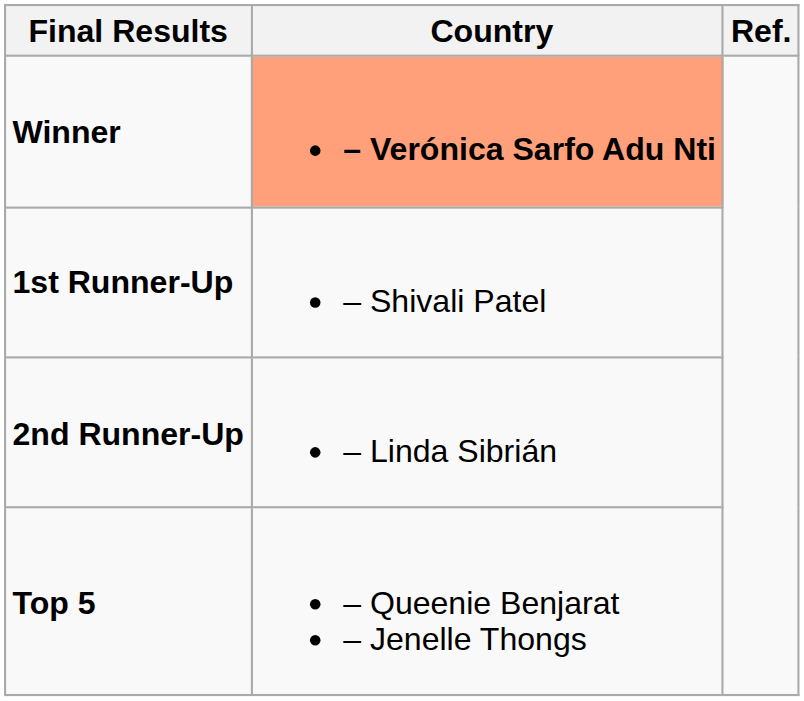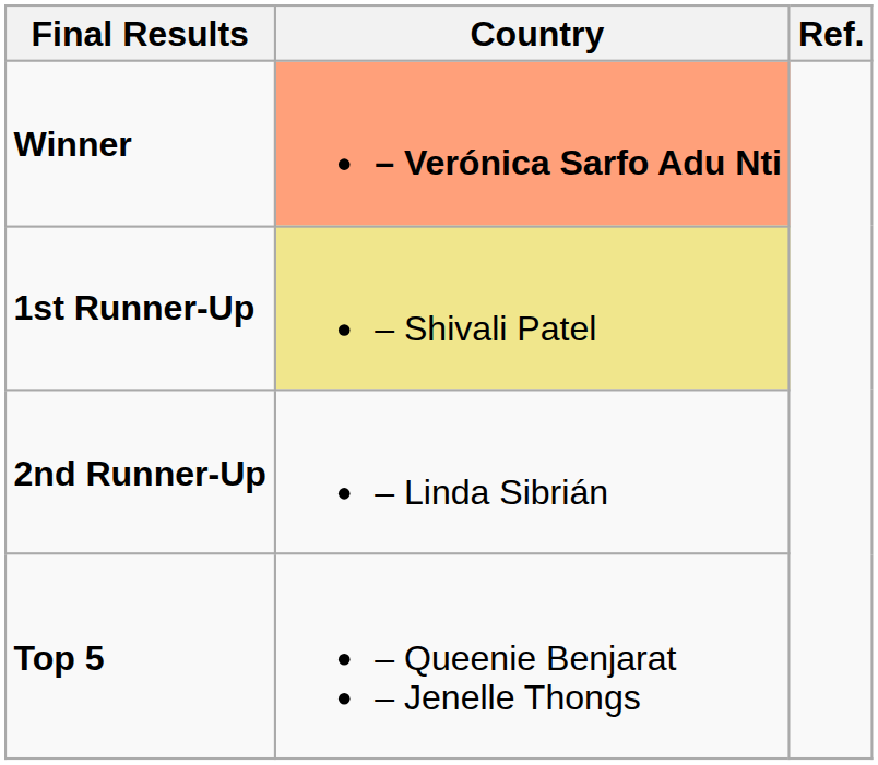 <table class="wikitable sortable" style="font-size:95%;">
 <tr>
 <th>Final Results</th>
 <th> Country</th>
 <th>Ref.</th>
 </tr>
 <tr>
 <td><strong>Winner</strong></td>
 <td style="background: lightsalmon;"><br><ul><li><strong> – Verónica Sarfo Adu Nti</strong></li></ul></td>
 <td rowspan="4"><br></td>
 </tr>
 <tr>
 <td><strong>1st Runner-Up</strong></td>
-<td><br><ul><li><strong></strong> – Shivali Patel</li></ul></td>
+<td style="background: khaki;"><br><ul><li><strong></strong> – Shivali Patel</li></ul></td>
 </tr>
 <tr>
 <td><strong>2nd Runner-Up</strong></td>
 <td><br><ul><li><strong></strong> – Linda Sibrián</li></ul></td>
 </tr>
 <tr>
 <td><strong>Top 5</strong></td>
 <td><br><ul><li><strong></strong> – Queenie Benjarat</li><li><strong></strong> – Jenelle Thongs</li></ul></td>
 </tr>
 </table>
